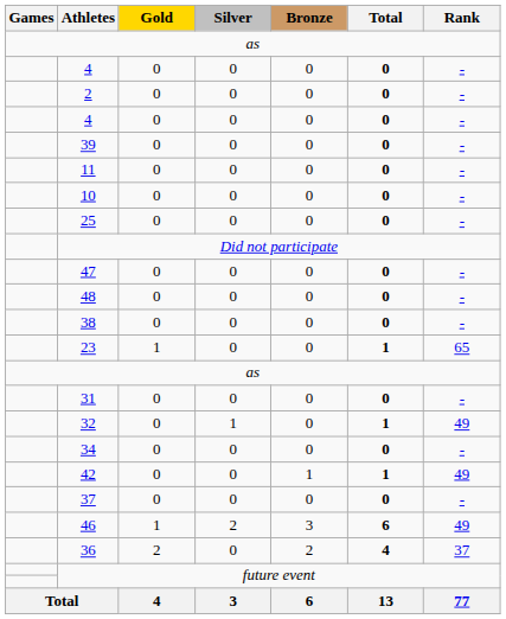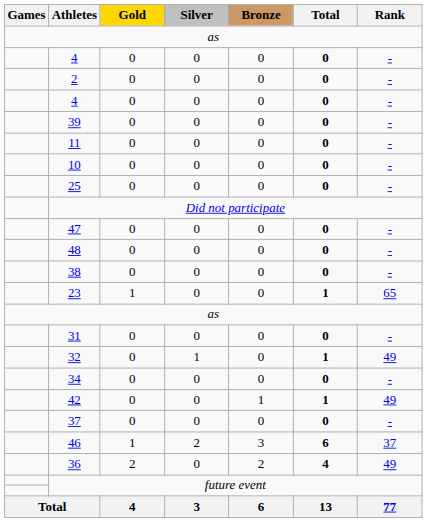 <table class="wikitable" style="text-align:center; font-size:90%;">
 <tr>
 <th>Games</th>
 <th>Athletes</th>
 <td style="background:gold; width:4.5em; font-weight:bold;">Gold</td>
 <td style="background:silver; width:4.5em; font-weight:bold;">Silver</td>
 <td style="background:#cc9966; width:4.5em; font-weight:bold;">Bronze</td>
 <th style="width:4.5em; font-weight:bold;">Total</th>
 <th style="width:4.5em; font-weight: italic ;">Rank</th>
 </tr>
 <tr>
 <td colspan=7><em> as  </em></td>
 </tr>
 <tr>
 <td align=left></td>
 <td><a href='#'>4</a></td>
 <td>0</td>
 <td>0</td>
 <td>0</td>
 <td><strong>0</strong></td>
 <td><a href='#'>-</a></td>
 </tr>
 <tr>
 <td align=left></td>
 <td><a href='#'>2</a></td>
 <td>0</td>
 <td>0</td>
 <td>0</td>
 <td><strong>0</strong></td>
 <td><a href='#'>-</a></td>
 </tr>
 <tr>
 <td align=left></td>
 <td><a href='#'>4</a></td>
 <td>0</td>
 <td>0</td>
 <td>0</td>
 <td><strong>0</strong></td>
 <td><a href='#'>-</a></td>
 </tr>
 <tr>
 <td align=left></td>
 <td><a href='#'>39</a></td>
 <td>0</td>
 <td>0</td>
 <td>0</td>
 <td><strong>0</strong></td>
 <td><a href='#'>-</a></td>
 </tr>
 <tr>
 <td align=left></td>
 <td><a href='#'>11</a></td>
 <td>0</td>
 <td>0</td>
 <td>0</td>
 <td><strong>0</strong></td>
 <td><a href='#'>-</a></td>
 </tr>
 <tr>
 <td align=left></td>
 <td><a href='#'>10</a></td>
 <td>0</td>
 <td>0</td>
 <td>0</td>
 <td><strong>0</strong></td>
 <td><a href='#'>-</a></td>
 </tr>
 <tr>
 <td align=left></td>
 <td><a href='#'>25</a></td>
 <td>0</td>
 <td>0</td>
 <td>0</td>
 <td><strong>0</strong></td>
 <td><a href='#'>-</a></td>
 </tr>
 <tr>
 <td align=left></td>
 <td colspan=6><em><a href='#'>Did not participate</a></em></td>
 </tr>
 <tr>
 <td align=left></td>
 <td><a href='#'>47</a></td>
 <td>0</td>
 <td>0</td>
 <td>0</td>
 <td><strong>0</strong></td>
 <td><a href='#'>-</a></td>
 </tr>
 <tr>
 <td align=left></td>
 <td><a href='#'>48</a></td>
 <td>0</td>
 <td>0</td>
 <td>0</td>
 <td><strong>0</strong></td>
 <td><a href='#'>-</a></td>
 </tr>
 <tr>
 <td align=left></td>
 <td><a href='#'>38</a></td>
 <td>0</td>
 <td>0</td>
 <td>0</td>
 <td><strong>0</strong></td>
 <td><a href='#'>-</a></td>
 </tr>
 <tr>
 <td align=left></td>
 <td><a href='#'>23</a></td>
 <td>1</td>
 <td>0</td>
 <td>0</td>
 <td><strong>1</strong></td>
 <td><a href='#'>65</a></td>
 </tr>
 <tr>
 <td colspan=7><em> as  </em></td>
 </tr>
 <tr>
 <td align=left></td>
 <td><a href='#'>31</a></td>
 <td>0</td>
 <td>0</td>
 <td>0</td>
 <td><strong>0</strong></td>
 <td><a href='#'>-</a></td>
 </tr>
 <tr>
 <td align=left></td>
 <td><a href='#'>32</a></td>
 <td>0</td>
 <td>1</td>
 <td>0</td>
 <td><strong>1</strong></td>
 <td><a href='#'>49</a></td>
 </tr>
 <tr>
 <td align=left></td>
 <td><a href='#'>34</a></td>
 <td>0</td>
 <td>0</td>
 <td>0</td>
 <td><strong>0</strong></td>
 <td><a href='#'>-</a></td>
 </tr>
 <tr>
 <td align=left></td>
 <td><a href='#'>42</a></td>
 <td>0</td>
 <td>0</td>
 <td>1</td>
 <td><strong>1</strong></td>
 <td><a href='#'>49</a></td>
 </tr>
 <tr>
 <td align=left></td>
 <td><a href='#'>37</a></td>
 <td>0</td>
 <td>0</td>
 <td>0</td>
 <td><strong>0</strong></td>
 <td><a href='#'>-</a></td>
 </tr>
 <tr>
 <td align=left></td>
 <td><a href='#'>46</a></td>
 <td>1</td>
 <td>2</td>
 <td>3</td>
 <td><strong>6</strong></td>
-<td><a href='#'>49</a></td>
+<td><a href='#'>37</a></td>
 </tr>
 <tr>
 <td align=left></td>
 <td><a href='#'>36</a></td>
 <td>2</td>
 <td>0</td>
 <td>2</td>
 <td><strong>4</strong></td>
-<td><a href='#'>37</a></td>
+<td><a href='#'>49</a></td>
 </tr>
 <tr>
 <td align=left></td>
 <td colspan=6; rowspan=2><em>future event</em></td>
 </tr>
 <tr>
 <td align=left></td>
 </tr>
 <tr>
 <th colspan=2>Total</th>
 <th>4</th>
 <th>3</th>
 <th>6</th>
 <th>13</th>
 <th><a href='#'>77</a></th>
 </tr>
 </table>
